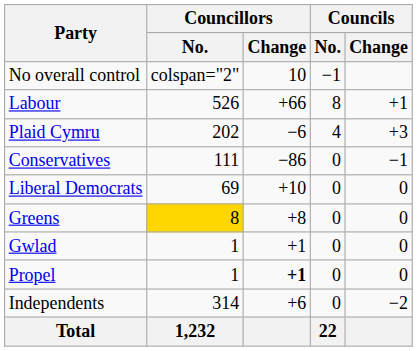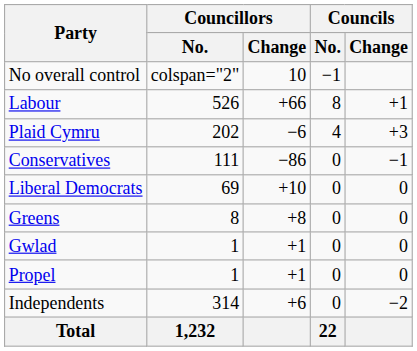 <table class="wikitable" style="text-align:right;">
 <tr>
 <th rowspan=2>Party</th>
 <th colspan=2>Councillors</th>
 <th colspan=2>Councils</th>
 </tr>
 <tr>
 <th>No.</th>
 <th>Change</th>
 <th>No.</th>
 <th>Change</th>
 </tr>
 <tr>
 <td style="text-align:left;">No overall control</td>
 <td>colspan="2" </td>
 <td>10</td>
 <td>−1</td>
 </tr>
 <tr>
 <td style="text-align:left;"><a href='#'>Labour</a></td>
 <td>526</td>
 <td>+66</td>
 <td>8</td>
 <td>+1</td>
 </tr>
 <tr>
 <td style="text-align:left;"><a href='#'>Plaid Cymru</a></td>
 <td>202</td>
 <td>−6</td>
 <td>4</td>
 <td>+3</td>
 </tr>
 <tr>
 <td style="text-align:left;"><a href='#'>Conservatives</a></td>
 <td>111</td>
 <td>−86</td>
 <td>0</td>
 <td>−1</td>
 </tr>
 <tr>
 <td style="text-align:left;"><a href='#'>Liberal Democrats</a></td>
 <td>69</td>
 <td>+10</td>
 <td>0</td>
 <td>0</td>
 </tr>
 <tr>
 <td style="text-align:left;"><a href='#'>Greens</a></td>
-<td style="background: gold;">8</td>
+<td>8</td>
 <td>+8</td>
 <td>0</td>
 <td>0</td>
 </tr>
 <tr>
 <td style="text-align:left;"><a href='#'>Gwlad</a></td>
 <td>1</td>
 <td>+1</td>
 <td>0</td>
 <td>0</td>
 </tr>
 <tr>
 <td style="text-align:left;"><a href='#'>Propel</a></td>
 <td>1</td>
-<td><strong>+1</strong></td>
+<td>+1</td>
 <td>0</td>
 <td>0</td>
 </tr>
 <tr>
 <td style="text-align:left;">Independents</td>
 <td>314</td>
 <td>+6</td>
 <td>0</td>
 <td>−2</td>
 </tr>
 <tr>
 <th>Total</th>
 <th>1,232</th>
 <th></th>
 <th>22</th>
 <th></th>
 </tr>
 </table>
